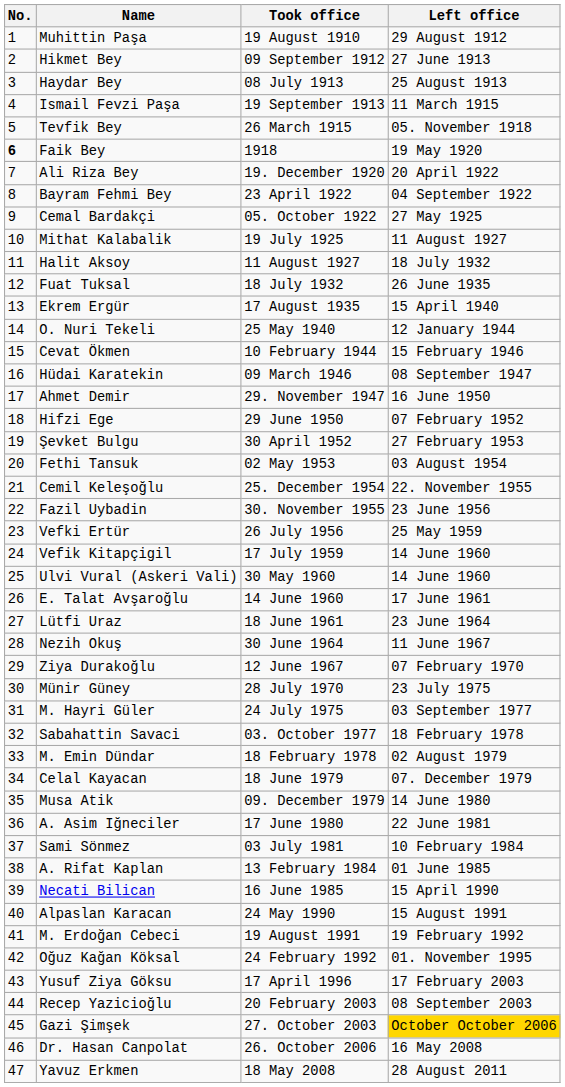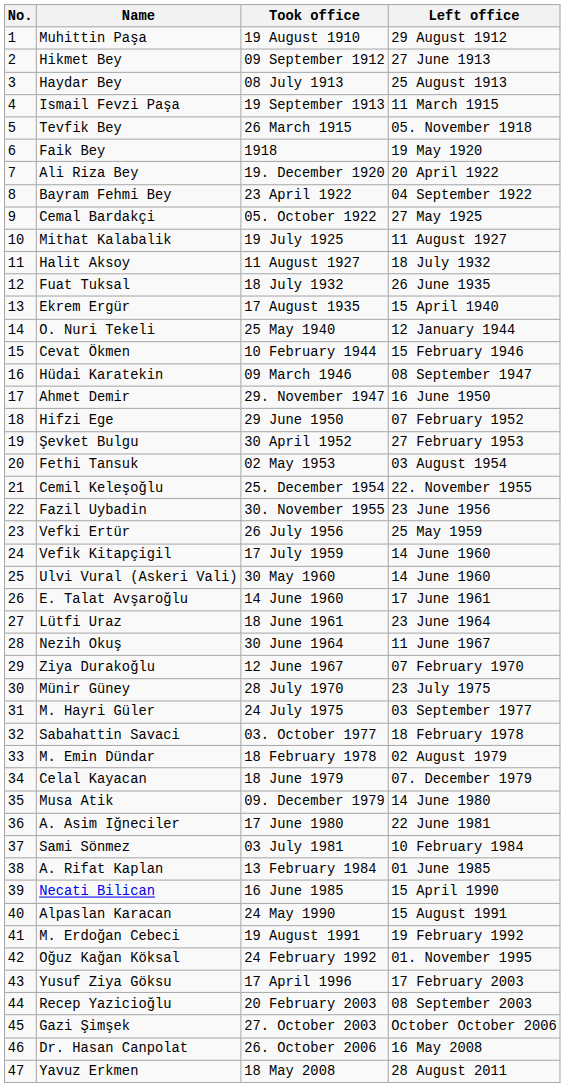 <table class="wikitable">
 <tr>
 <th>No.</th>
 <th>Name</th>
 <th>Took office</th>
 <th>Left office</th>
 </tr>
 <tr>
 <td>1</td>
 <td>Muhittin Paşa</td>
 <td>19 August 1910</td>
 <td>29 August 1912</td>
 </tr>
 <tr>
 <td>2</td>
 <td>Hikmet Bey</td>
 <td>09 September 1912</td>
 <td>27 June 1913</td>
 </tr>
 <tr>
 <td>3</td>
 <td>Haydar Bey</td>
 <td>08 July 1913</td>
 <td>25 August 1913</td>
 </tr>
 <tr>
 <td>4</td>
 <td>Ismail Fevzi Paşa</td>
 <td>19 September 1913</td>
 <td>11 March 1915</td>
 </tr>
 <tr>
 <td>5</td>
 <td>Tevfik Bey</td>
 <td>26 March 1915</td>
 <td>05. November 1918</td>
 </tr>
 <tr>
-<td><strong>6</strong></td>
+<td>6</td>
 <td>Faik Bey</td>
 <td>1918</td>
 <td>19 May 1920</td>
 </tr>
 <tr>
 <td>7</td>
 <td>Ali Riza Bey</td>
 <td>19. December 1920</td>
 <td>20 April 1922</td>
 </tr>
 <tr>
 <td>8</td>
 <td>Bayram Fehmi Bey</td>
 <td>23 April 1922</td>
 <td>04 September 1922</td>
 </tr>
 <tr>
 <td>9</td>
 <td>Cemal Bardakçi</td>
 <td>05. October 1922</td>
 <td>27 May 1925</td>
 </tr>
 <tr>
 <td>10</td>
 <td>Mithat Kalabalik</td>
 <td>19 July 1925</td>
 <td>11 August 1927</td>
 </tr>
 <tr>
 <td>11</td>
 <td>Halit Aksoy</td>
 <td>11 August 1927</td>
 <td>18 July 1932</td>
 </tr>
 <tr>
 <td>12</td>
 <td>Fuat Tuksal</td>
 <td>18 July 1932</td>
 <td>26 June 1935</td>
 </tr>
 <tr>
 <td>13</td>
 <td>Ekrem Ergür</td>
 <td>17 August 1935</td>
 <td>15 April 1940</td>
 </tr>
 <tr>
 <td>14</td>
 <td>O. Nuri Tekeli</td>
 <td>25 May 1940</td>
 <td>12 January 1944</td>
 </tr>
 <tr>
 <td>15</td>
 <td>Cevat Ökmen</td>
 <td>10 February  1944</td>
 <td>15 February  1946</td>
 </tr>
 <tr>
 <td>16</td>
 <td>Hüdai Karatekin</td>
 <td>09 March 1946</td>
 <td>08 September 1947</td>
 </tr>
 <tr>
 <td>17</td>
 <td>Ahmet Demir</td>
 <td>29. November 1947</td>
 <td>16 June 1950</td>
 </tr>
 <tr>
 <td>18</td>
 <td>Hifzi Ege</td>
 <td>29 June 1950</td>
 <td>07 February  1952</td>
 </tr>
 <tr>
 <td>19</td>
 <td>Şevket Bulgu</td>
 <td>30 April 1952</td>
 <td>27 February  1953</td>
 </tr>
 <tr>
 <td>20</td>
 <td>Fethi Tansuk</td>
 <td>02 May 1953</td>
 <td>03 August 1954</td>
 </tr>
 <tr>
 <td>21</td>
 <td>Cemil Keleşoğlu</td>
 <td>25. December 1954</td>
 <td>22. November 1955</td>
 </tr>
 <tr>
 <td>22</td>
 <td>Fazil Uybadin</td>
 <td>30. November 1955</td>
 <td>23 June 1956</td>
 </tr>
 <tr>
 <td>23</td>
 <td>Vefki Ertür</td>
 <td>26 July 1956</td>
 <td>25 May 1959</td>
 </tr>
 <tr>
 <td>24</td>
 <td>Vefik Kitapçigil</td>
 <td>17 July 1959</td>
 <td>14 June 1960</td>
 </tr>
 <tr>
 <td>25</td>
 <td>Ulvi Vural (Askeri Vali)</td>
 <td>30 May 1960</td>
 <td>14 June 1960</td>
 </tr>
 <tr>
 <td>26</td>
 <td>E. Talat Avşaroğlu</td>
 <td>14 June 1960</td>
 <td>17 June 1961</td>
 </tr>
 <tr>
 <td>27</td>
 <td>Lütfi Uraz</td>
 <td>18 June 1961</td>
 <td>23 June 1964</td>
 </tr>
 <tr>
 <td>28</td>
 <td>Nezih Okuş</td>
 <td>30 June 1964</td>
 <td>11 June 1967</td>
 </tr>
 <tr>
 <td>29</td>
 <td>Ziya Durakoğlu</td>
 <td>12 June 1967</td>
 <td>07 February 1970</td>
 </tr>
 <tr>
 <td>30</td>
 <td>Münir Güney</td>
 <td>28 July 1970</td>
 <td>23 July 1975</td>
 </tr>
 <tr>
 <td>31</td>
 <td>M. Hayri Güler</td>
 <td>24 July 1975</td>
 <td>03 September 1977</td>
 </tr>
 <tr>
 <td>32</td>
 <td>Sabahattin Savaci</td>
 <td>03. October 1977</td>
 <td>18 February 1978</td>
 </tr>
 <tr>
 <td>33</td>
 <td>M. Emin Dündar</td>
 <td>18 February 1978</td>
 <td>02 August 1979</td>
 </tr>
 <tr>
 <td>34</td>
 <td>Celal Kayacan</td>
 <td>18 June 1979</td>
 <td>07. December 1979</td>
 </tr>
 <tr>
 <td>35</td>
 <td>Musa Atik</td>
 <td>09. December 1979</td>
 <td>14 June 1980</td>
 </tr>
 <tr>
 <td>36</td>
 <td>A. Asim Iğneciler</td>
 <td>17 June 1980</td>
 <td>22 June 1981</td>
 </tr>
 <tr>
 <td>37</td>
 <td>Sami Sönmez</td>
 <td>03 July 1981</td>
 <td>10 February 1984</td>
 </tr>
 <tr>
 <td>38</td>
 <td>A. Rifat Kaplan</td>
 <td>13 February 1984</td>
 <td>01 June 1985</td>
 </tr>
 <tr>
 <td>39</td>
 <td><a href='#'>Necati Bilican</a></td>
 <td>16 June 1985</td>
 <td>15 April 1990</td>
 </tr>
 <tr>
 <td>40</td>
 <td>Alpaslan Karacan</td>
 <td>24 May 1990</td>
 <td>15 August 1991</td>
 </tr>
 <tr>
 <td>41</td>
 <td>M. Erdoğan Cebeci</td>
 <td>19 August 1991</td>
 <td>19 February 1992</td>
 </tr>
 <tr>
 <td>42</td>
 <td>Oğuz Kağan Köksal</td>
 <td>24 February 1992</td>
 <td>01. November 1995</td>
 </tr>
 <tr>
 <td>43</td>
 <td>Yusuf Ziya Göksu</td>
 <td>17 April 1996</td>
 <td>17 February 2003</td>
 </tr>
 <tr>
 <td>44</td>
 <td>Recep Yazicioğlu</td>
 <td>20 February 2003</td>
 <td>08 September 2003</td>
 </tr>
 <tr>
 <td>45</td>
 <td>Gazi Şimşek</td>
 <td>27. October 2003</td>
-<td style="background: gold;">October  October 2006</td>
+<td>October  October 2006</td>
 </tr>
 <tr>
 <td>46</td>
 <td>Dr. Hasan Canpolat</td>
 <td>26. October 2006</td>
 <td>16 May 2008</td>
 </tr>
 <tr>
 <td>47</td>
 <td>Yavuz Erkmen</td>
 <td>18 May 2008</td>
 <td>28 August 2011</td>
 </tr>
 </table>
